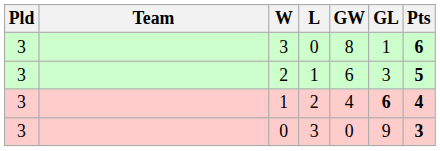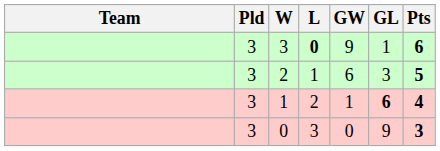 <table class="wikitable" style="text-align:center">
 <tr>
+<th width=200>Team</th>
 <th width=20>Pld</th>
-<th width=200>Team</th>
 <th width=20>W</th>
 <th width=20>L</th>
 <th width=20>GW</th>
 <th width=20>GL</th>
 <th width=20>Pts</th>
 </tr>
 <tr bgcolor="ccffcc">
-<td>3</td>
 <td style="text-align:left;"></td>
 <td>3</td>
-<td>0</td>
-<td>8</td>
+<td>3</td>
+<td><strong>0</strong></td>
+<td>9</td>
 <td>1</td>
 <td><strong>6</strong></td>
 </tr>
 <tr bgcolor="ccffcc">
+<td style="text-align:left;"></td>
 <td>3</td>
-<td style="text-align:left;"></td>
 <td>2</td>
 <td>1</td>
 <td>6</td>
 <td>3</td>
 <td><strong>5</strong></td>
 </tr>
 <tr bgcolor="ffcccc">
+<td style="text-align:left;"></td>
 <td>3</td>
-<td style="text-align:left;"></td>
 <td>1</td>
 <td>2</td>
-<td>4</td>
+<td>1</td>
 <td><strong>6</strong></td>
 <td><strong>4</strong></td>
 </tr>
 <tr bgcolor="ffcccc">
+<td style="text-align:left;"></td>
 <td>3</td>
-<td style="text-align:left;"></td>
 <td>0</td>
 <td>3</td>
 <td>0</td>
 <td>9</td>
 <td><strong>3</strong></td>
 </tr>
 </table>
